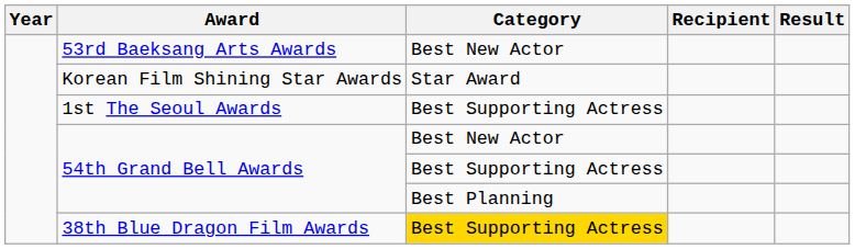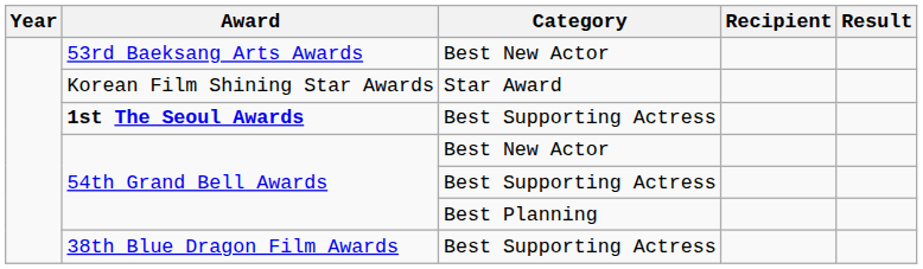 <table class="wikitable">
 <tr>
 <th>Year</th>
 <th>Award</th>
 <th>Category</th>
 <th>Recipient</th>
 <th>Result</th>
 </tr>
 <tr>
 <td rowspan="7"></td>
 <td><a href='#'>53rd Baeksang Arts Awards</a></td>
 <td>Best New Actor</td>
 <td></td>
 <td></td>
 </tr>
 <tr>
 <td>Korean Film Shining Star Awards</td>
 <td>Star Award</td>
 <td></td>
 <td></td>
 </tr>
 <tr>
-<td>1st <a href='#'>The Seoul Awards</a></td>
+<td><strong>1st <a href='#'>The Seoul Awards</a></strong></td>
 <td>Best Supporting Actress</td>
 <td></td>
 <td></td>
 </tr>
 <tr>
 <td rowspan="3"><a href='#'>54th Grand Bell Awards</a></td>
 <td>Best New Actor</td>
 <td></td>
 <td></td>
 </tr>
 <tr>
 <td>Best Supporting Actress</td>
 <td></td>
 <td></td>
 </tr>
 <tr>
 <td>Best Planning</td>
 <td></td>
 <td></td>
 </tr>
 <tr>
 <td><a href='#'>38th Blue Dragon Film Awards</a></td>
-<td style="background: gold;">Best Supporting Actress</td>
+<td>Best Supporting Actress</td>
 <td></td>
 <td></td>
 </tr>
 </table>
